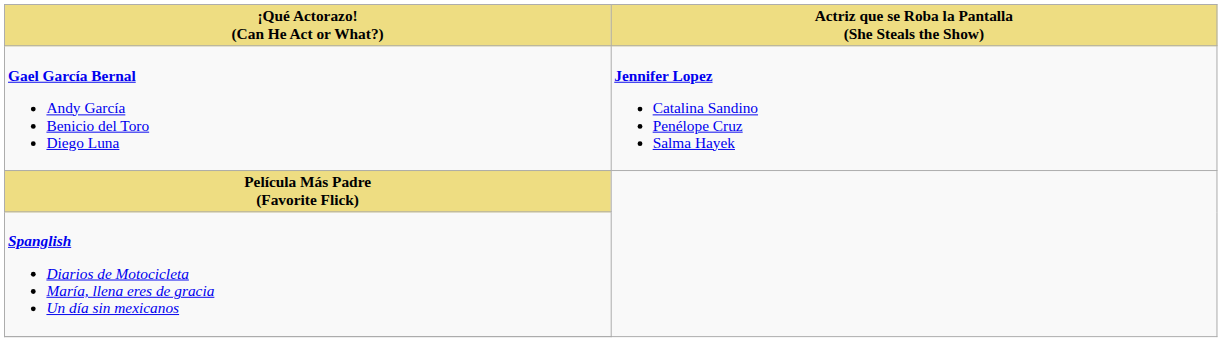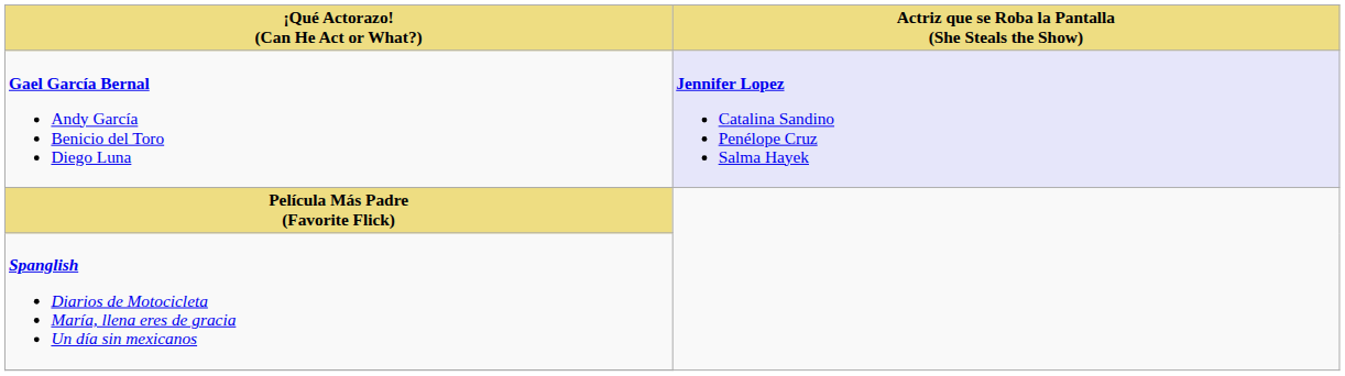 <table class="wikitable" style="width:100%">
 <tr>
 <th style="background:#EEDD82; width:50%">¡Qué Actorazo!<br> (Can He Act or What?)</th>
 <th style="background:#EEDD82; width:50%">Actriz que se Roba la Pantalla<br>(She Steals the Show)</th>
 </tr>
 <tr>
 <td valign="top"><br><strong><a href='#'>Gael García Bernal</a></strong><ul><li><a href='#'>Andy García</a></li><li><a href='#'>Benicio del Toro</a></li><li><a href='#'>Diego Luna</a></li></ul></td>
-<td valign="top"><br><strong><a href='#'>Jennifer Lopez</a></strong><ul><li><a href='#'>Catalina Sandino</a></li><li><a href='#'>Penélope Cruz</a></li><li><a href='#'>Salma Hayek</a></li></ul></td>
+<td valign="top" style="background: lavender;"><br><strong><a href='#'>Jennifer Lopez</a></strong><ul><li><a href='#'>Catalina Sandino</a></li><li><a href='#'>Penélope Cruz</a></li><li><a href='#'>Salma Hayek</a></li></ul></td>
 </tr>
 <tr>
 <th style="background:#EEDD82; width:50%">Película Más Padre<br>(Favorite Flick)</th>
 </tr>
 <tr>
 <td valign="top"><br><strong><em><a href='#'>Spanglish</a></em></strong><ul><li><em><a href='#'>Diarios de Motocicleta</a></em></li><li><em><a href='#'>María, llena eres de gracia</a></em></li><li><em><a href='#'>Un día sin mexicanos</a></em></li></ul></td>
 </tr>
 <tr>
 </tr>
 </table>
